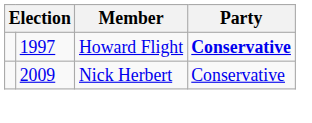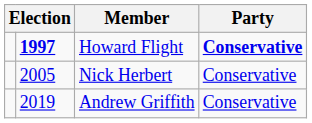 <table class="wikitable">
 <tr>
 <th colspan="2">Election</th>
 <th>Member</th>
 <th>Party</th>
 </tr>
 <tr>
 <td style="color:inherit;background-color: "></td>
-<td><a href='#'>1997</a></td>
+<td><strong><a href='#'>1997</a></strong></td>
 <td><a href='#'>Howard Flight</a></td>
 <td><strong><a href='#'>Conservative</a></strong></td>
 </tr>
 <tr>
 <td style="color:inherit;background-color: "></td>
-<td><a href='#'>2009</a></td>
+<td><a href='#'>2005</a></td>
 <td><a href='#'>Nick Herbert</a></td>
 <td><a href='#'>Conservative</a></td>
 </tr>
+<tr>
+<td style="color:inherit;background-color: "></td>
+<td><a href='#'>2019</a></td>
+<td><a href='#'>Andrew Griffith</a></td>
+<td><a href='#'>Conservative</a></td>
+</tr>
 </table>
